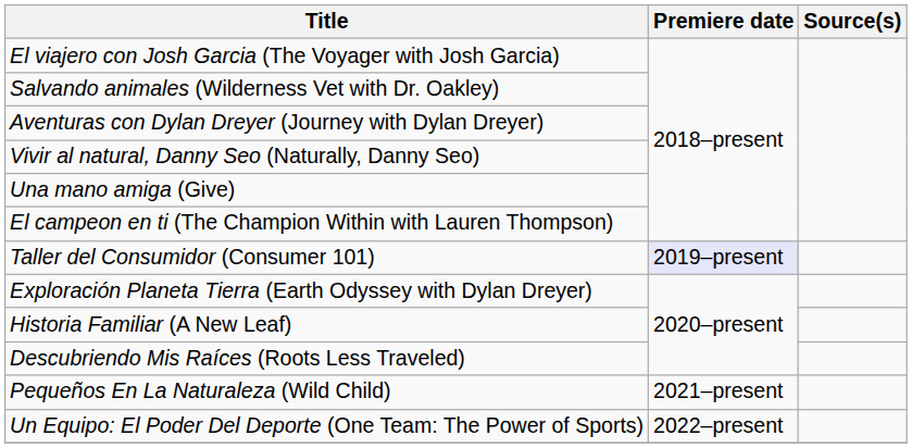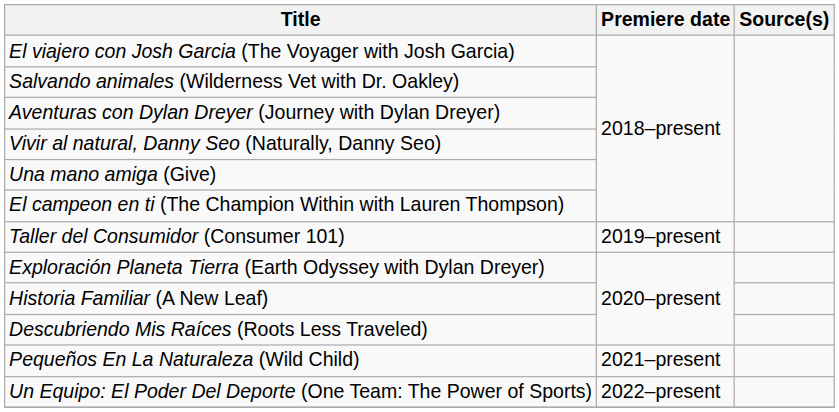 <table class="wikitable sortable">
 <tr>
 <th>Title</th>
 <th>Premiere date</th>
 <th>Source(s)</th>
 </tr>
 <tr>
 <td><em>El viajero con Josh Garcia</em> (The Voyager with Josh Garcia)</td>
 <td rowspan=6>2018–present</td>
 <td rowspan="6"></td>
 </tr>
 <tr>
 <td><em>Salvando animales</em> (Wilderness Vet with Dr. Oakley)</td>
 </tr>
 <tr>
 <td><em>Aventuras con Dylan Dreyer</em> (Journey with Dylan Dreyer)</td>
 </tr>
 <tr>
 <td><em>Vivir al natural, Danny Seo</em> (Naturally, Danny Seo)</td>
 </tr>
 <tr>
 <td><em>Una mano amiga</em> (Give)</td>
 </tr>
 <tr>
 <td><em>El campeon en ti</em> (The Champion Within with Lauren Thompson)</td>
 </tr>
 <tr>
 <td><em>Taller del Consumidor</em> (Consumer 101)</td>
-<td style="background: lavender;">2019–present</td>
+<td>2019–present</td>
 <td></td>
 </tr>
 <tr>
 <td><em>Exploración Planeta Tierra</em> (Earth Odyssey with Dylan Dreyer)</td>
 <td rowspan=3>2020–present</td>
 <td></td>
 </tr>
 <tr>
 <td><em>Historia Familiar</em> (A New Leaf)</td>
 <td></td>
 </tr>
 <tr>
 <td><em>Descubriendo Mis Raíces</em> (Roots Less Traveled)</td>
 <td></td>
 </tr>
 <tr>
 <td><em>Pequeños En La Naturaleza</em> (Wild Child)</td>
 <td>2021–present</td>
 <td></td>
 </tr>
 <tr>
 <td><em>Un Equipo: El Poder Del Deporte</em> (One Team: The Power of Sports)</td>
 <td>2022–present</td>
 <td></td>
 </tr>
 <tr>
 </tr>
 </table>
